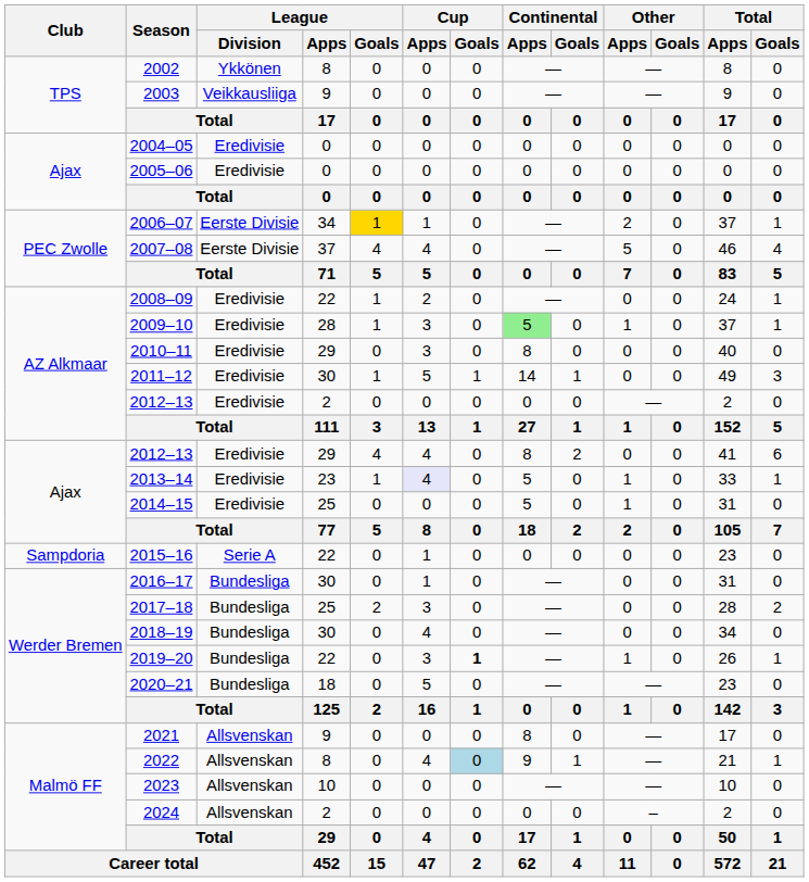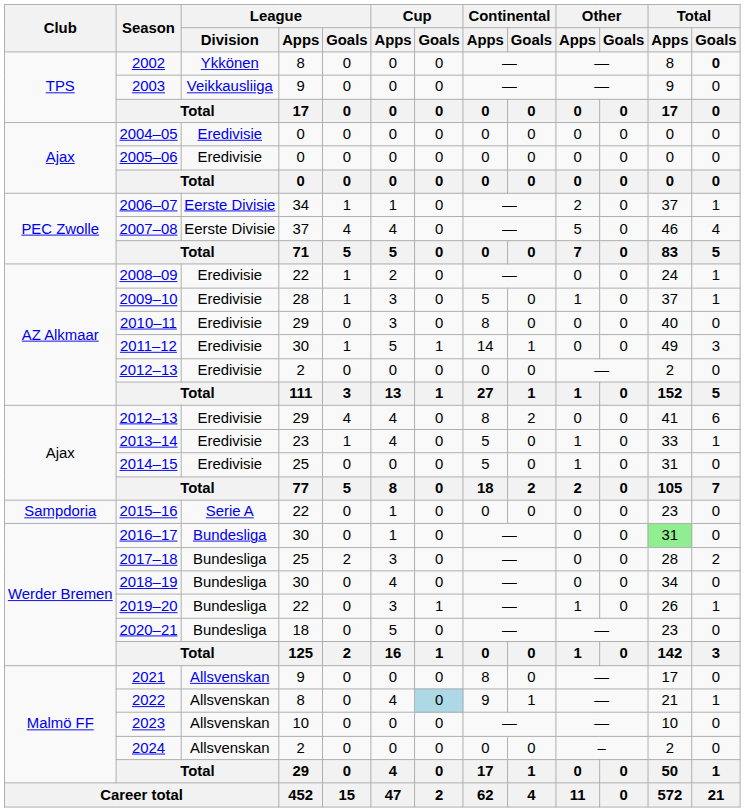 <table class="wikitable" style="text-align:center">
 <tr>
 <th rowspan="2">Club</th>
 <th rowspan="2">Season</th>
 <th colspan="3">League</th>
 <th colspan="2">Cup</th>
 <th colspan="2">Continental</th>
 <th colspan="2">Other</th>
 <th colspan="2">Total</th>
 </tr>
 <tr>
 <th>Division</th>
 <th>Apps</th>
 <th>Goals</th>
 <th>Apps</th>
 <th>Goals</th>
 <th>Apps</th>
 <th>Goals</th>
 <th>Apps</th>
 <th>Goals</th>
 <th>Apps</th>
 <th>Goals</th>
 </tr>
 <tr>
 <td rowspan="3"><a href='#'>TPS</a></td>
 <td><a href='#'>2002</a></td>
 <td><a href='#'>Ykkönen</a></td>
 <td>8</td>
 <td>0</td>
 <td>0</td>
 <td>0</td>
 <td colspan="2">—</td>
 <td colspan="2">—</td>
 <td>8</td>
-<td>0</td>
+<td><strong>0</strong></td>
 </tr>
 <tr>
 <td><a href='#'>2003</a></td>
 <td><a href='#'>Veikkausliiga</a></td>
 <td>9</td>
 <td>0</td>
 <td>0</td>
 <td>0</td>
 <td colspan="2">—</td>
 <td colspan="2">—</td>
 <td>9</td>
 <td>0</td>
 </tr>
 <tr>
 <th colspan="2">Total</th>
 <th>17</th>
 <th>0</th>
 <th>0</th>
 <th>0</th>
 <th>0</th>
 <th>0</th>
 <th>0</th>
 <th>0</th>
 <th>17</th>
 <th>0</th>
 </tr>
 <tr>
 <td rowspan="3"><a href='#'>Ajax</a></td>
 <td><a href='#'>2004–05</a></td>
 <td><a href='#'>Eredivisie</a></td>
 <td>0</td>
 <td>0</td>
 <td>0</td>
 <td>0</td>
 <td>0</td>
 <td>0</td>
 <td>0</td>
 <td>0</td>
 <td>0</td>
 <td>0</td>
 </tr>
 <tr>
 <td><a href='#'>2005–06</a></td>
 <td>Eredivisie</td>
 <td>0</td>
 <td>0</td>
 <td>0</td>
 <td>0</td>
 <td>0</td>
 <td>0</td>
 <td>0</td>
 <td>0</td>
 <td>0</td>
 <td>0</td>
 </tr>
 <tr>
 <th colspan="2">Total</th>
 <th>0</th>
 <th>0</th>
 <th>0</th>
 <th>0</th>
 <th>0</th>
 <th>0</th>
 <th>0</th>
 <th>0</th>
 <th>0</th>
 <th>0</th>
 </tr>
 <tr>
 <td rowspan="3"><a href='#'>PEC Zwolle</a></td>
 <td><a href='#'>2006–07</a></td>
 <td><a href='#'>Eerste Divisie</a></td>
 <td>34</td>
-<td style="background: gold;">1</td>
+<td>1</td>
 <td>1</td>
 <td>0</td>
 <td colspan="2">—</td>
 <td>2</td>
 <td>0</td>
 <td>37</td>
 <td>1</td>
 </tr>
 <tr>
 <td><a href='#'>2007–08</a></td>
 <td>Eerste Divisie</td>
 <td>37</td>
 <td>4</td>
 <td>4</td>
 <td>0</td>
 <td colspan="2">—</td>
 <td>5</td>
 <td>0</td>
 <td>46</td>
 <td>4</td>
 </tr>
 <tr>
 <th colspan="2">Total</th>
 <th>71</th>
 <th>5</th>
 <th>5</th>
 <th>0</th>
 <th>0</th>
 <th>0</th>
 <th>7</th>
 <th>0</th>
 <th>83</th>
 <th>5</th>
 </tr>
 <tr>
 <td rowspan="6"><a href='#'>AZ Alkmaar</a></td>
 <td><a href='#'>2008–09</a></td>
 <td>Eredivisie</td>
 <td>22</td>
 <td>1</td>
 <td>2</td>
 <td>0</td>
 <td colspan="2">—</td>
 <td>0</td>
 <td>0</td>
 <td>24</td>
 <td>1</td>
 </tr>
 <tr>
 <td><a href='#'>2009–10</a></td>
 <td>Eredivisie</td>
 <td>28</td>
 <td>1</td>
 <td>3</td>
 <td>0</td>
-<td style="background: lightgreen;">5</td>
+<td>5</td>
 <td>0</td>
 <td>1</td>
 <td>0</td>
 <td>37</td>
 <td>1</td>
 </tr>
 <tr>
 <td><a href='#'>2010–11</a></td>
 <td>Eredivisie</td>
 <td>29</td>
 <td>0</td>
 <td>3</td>
 <td>0</td>
 <td>8</td>
 <td>0</td>
 <td>0</td>
 <td>0</td>
 <td>40</td>
 <td>0</td>
 </tr>
 <tr>
 <td><a href='#'>2011–12</a></td>
 <td>Eredivisie</td>
 <td>30</td>
 <td>1</td>
 <td>5</td>
 <td>1</td>
 <td>14</td>
 <td>1</td>
 <td>0</td>
 <td>0</td>
 <td>49</td>
 <td>3</td>
 </tr>
 <tr>
 <td><a href='#'>2012–13</a></td>
 <td>Eredivisie</td>
 <td>2</td>
 <td>0</td>
 <td>0</td>
 <td>0</td>
 <td>0</td>
 <td>0</td>
 <td colspan="2">—</td>
 <td>2</td>
 <td>0</td>
 </tr>
 <tr>
 <th colspan="2">Total</th>
 <th>111</th>
 <th>3</th>
 <th>13</th>
 <th>1</th>
 <th>27</th>
 <th>1</th>
 <th>1</th>
 <th>0</th>
 <th>152</th>
 <th>5</th>
 </tr>
 <tr>
 <td rowspan="4">Ajax</td>
 <td><a href='#'>2012–13</a></td>
 <td>Eredivisie</td>
 <td>29</td>
 <td>4</td>
 <td>4</td>
 <td>0</td>
 <td>8</td>
 <td>2</td>
 <td>0</td>
 <td>0</td>
 <td>41</td>
 <td>6</td>
 </tr>
 <tr>
 <td><a href='#'>2013–14</a></td>
 <td>Eredivisie</td>
 <td>23</td>
 <td>1</td>
-<td style="background: lavender;">4</td>
+<td>4</td>
 <td>0</td>
 <td>5</td>
 <td>0</td>
 <td>1</td>
 <td>0</td>
 <td>33</td>
 <td>1</td>
 </tr>
 <tr>
 <td><a href='#'>2014–15</a></td>
 <td>Eredivisie</td>
 <td>25</td>
 <td>0</td>
 <td>0</td>
 <td>0</td>
 <td>5</td>
 <td>0</td>
 <td>1</td>
 <td>0</td>
 <td>31</td>
 <td>0</td>
 </tr>
 <tr>
 <th colspan="2">Total</th>
 <th>77</th>
 <th>5</th>
 <th>8</th>
 <th>0</th>
 <th>18</th>
 <th>2</th>
 <th>2</th>
 <th>0</th>
 <th>105</th>
 <th>7</th>
 </tr>
 <tr>
 <td><a href='#'>Sampdoria</a></td>
 <td><a href='#'>2015–16</a></td>
 <td><a href='#'>Serie A</a></td>
 <td>22</td>
 <td>0</td>
 <td>1</td>
 <td>0</td>
 <td>0</td>
 <td>0</td>
 <td>0</td>
 <td>0</td>
 <td>23</td>
 <td>0</td>
 </tr>
 <tr>
 <td rowspan="6"><a href='#'>Werder Bremen</a></td>
 <td><a href='#'>2016–17</a></td>
 <td><a href='#'>Bundesliga</a></td>
 <td>30</td>
 <td>0</td>
 <td>1</td>
 <td>0</td>
 <td colspan="2">—</td>
 <td>0</td>
 <td>0</td>
-<td>31</td>
+<td style="background: lightgreen;">31</td>
 <td>0</td>
 </tr>
 <tr>
 <td><a href='#'>2017–18</a></td>
 <td>Bundesliga</td>
 <td>25</td>
 <td>2</td>
 <td>3</td>
 <td>0</td>
 <td colspan="2">—</td>
 <td>0</td>
 <td>0</td>
 <td>28</td>
 <td>2</td>
 </tr>
 <tr>
 <td><a href='#'>2018–19</a></td>
 <td>Bundesliga</td>
 <td>30</td>
 <td>0</td>
 <td>4</td>
 <td>0</td>
 <td colspan="2">—</td>
 <td>0</td>
 <td>0</td>
 <td>34</td>
 <td>0</td>
 </tr>
 <tr>
 <td><a href='#'>2019–20</a></td>
 <td>Bundesliga</td>
 <td>22</td>
 <td>0</td>
 <td>3</td>
-<td><strong>1</strong></td>
+<td>1</td>
 <td colspan="2">—</td>
 <td>1</td>
 <td>0</td>
 <td>26</td>
 <td>1</td>
 </tr>
 <tr>
 <td><a href='#'>2020–21</a></td>
 <td>Bundesliga</td>
 <td>18</td>
 <td>0</td>
 <td>5</td>
 <td>0</td>
 <td colspan="2">—</td>
 <td colspan="2">—</td>
 <td>23</td>
 <td>0</td>
 </tr>
 <tr>
 <th colspan="2">Total</th>
 <th>125</th>
 <th>2</th>
 <th>16</th>
 <th>1</th>
 <th>0</th>
 <th>0</th>
 <th>1</th>
 <th>0</th>
 <th>142</th>
 <th>3</th>
 </tr>
 <tr>
 <td rowspan="5"><a href='#'>Malmö FF</a></td>
 <td><a href='#'>2021</a></td>
 <td><a href='#'>Allsvenskan</a></td>
 <td>9</td>
 <td>0</td>
 <td>0</td>
 <td>0</td>
 <td>8</td>
 <td>0</td>
 <td colspan="2">—</td>
 <td>17</td>
 <td>0</td>
 </tr>
 <tr>
 <td><a href='#'>2022</a></td>
 <td>Allsvenskan</td>
 <td>8</td>
 <td>0</td>
 <td>4</td>
 <td style="background: lightblue;">0</td>
 <td>9</td>
 <td>1</td>
 <td colspan="2">—</td>
 <td>21</td>
 <td>1</td>
 </tr>
 <tr>
 <td><a href='#'>2023</a></td>
 <td>Allsvenskan</td>
 <td>10</td>
 <td>0</td>
 <td>0</td>
 <td>0</td>
 <td colspan="2">—</td>
 <td colspan="2">—</td>
 <td>10</td>
 <td>0</td>
 </tr>
 <tr>
 <td><a href='#'>2024</a></td>
 <td>Allsvenskan</td>
 <td>2</td>
 <td>0</td>
 <td>0</td>
 <td>0</td>
 <td>0</td>
 <td>0</td>
 <td colspan=2>–</td>
 <td>2</td>
 <td>0</td>
 </tr>
 <tr>
 <th colspan="2">Total</th>
 <th>29</th>
 <th>0</th>
 <th>4</th>
 <th>0</th>
 <th>17</th>
 <th>1</th>
 <th>0</th>
 <th>0</th>
 <th>50</th>
 <th>1</th>
 </tr>
 <tr>
 <th colspan="3">Career total</th>
 <th>452</th>
 <th>15</th>
 <th>47</th>
 <th>2</th>
 <th>62</th>
 <th>4</th>
 <th>11</th>
 <th>0</th>
 <th>572</th>
 <th>21</th>
 </tr>
 </table>
